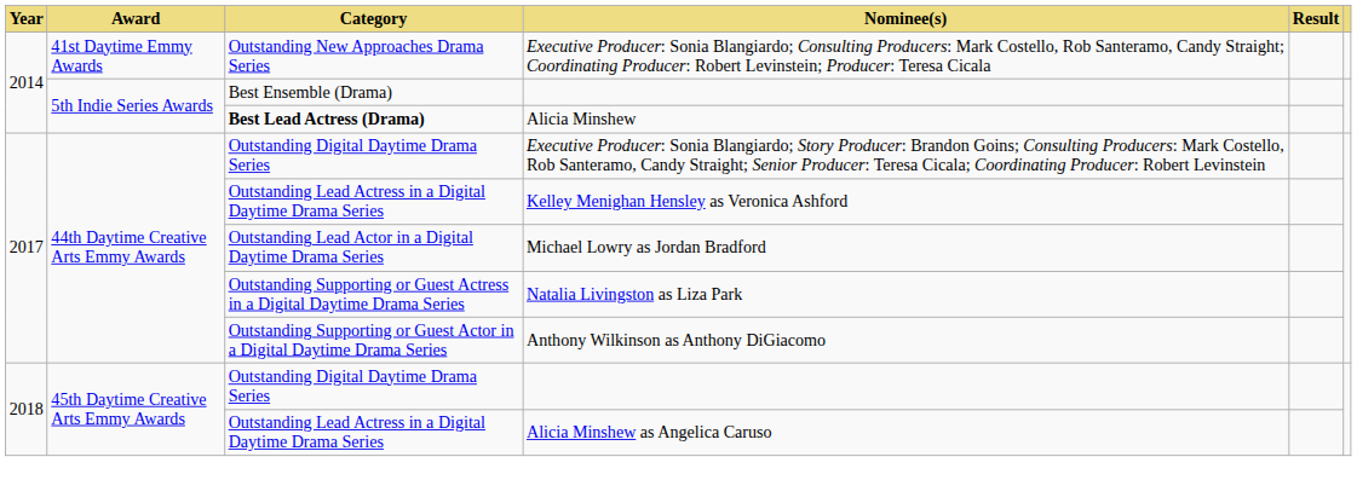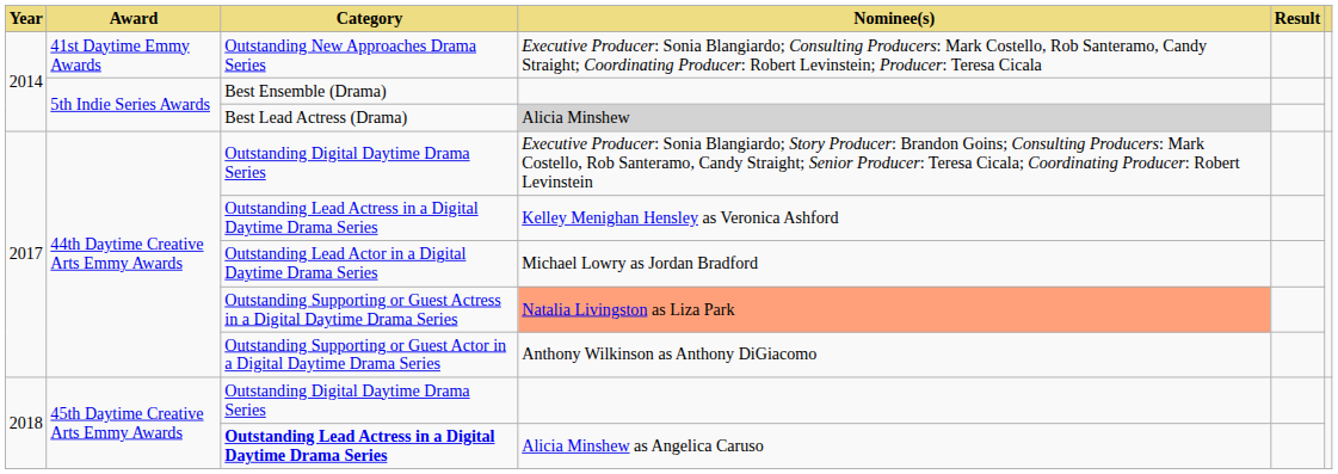 <table class=wikitable  style="width:100%">
 <tr>
 <th style="background:#eedd82;">Year</th>
 <th style="background:#eedd82;">Award</th>
 <th style="background:#eedd82;">Category</th>
 <th style="background:#eedd82;">Nominee(s)</th>
 <th style="background:#eedd82;">Result</th>
 <th style="background:#eedd82;"></th>
 </tr>
 <tr>
 <td rowspan="3" align="center">2014</td>
 <td><a href='#'>41st Daytime Emmy Awards</a></td>
 <td><a href='#'>Outstanding New Approaches Drama Series</a></td>
 <td><em>Executive Producer</em>: Sonia Blangiardo; <em>Consulting Producers</em>: Mark Costello, Rob Santeramo, Candy Straight; <em>Coordinating Producer</em>: Robert Levinstein; <em>Producer</em>: Teresa Cicala</td>
 <td></td>
 <td align="center"></td>
 </tr>
 <tr>
 <td rowspan="2"><a href='#'>5th Indie Series Awards</a></td>
 <td>Best Ensemble (Drama)</td>
 <td></td>
 <td></td>
 <td rowspan="2" align="center"></td>
 </tr>
 <tr>
-<td><strong>Best Lead Actress (Drama)</strong></td>
-<td>Alicia Minshew</td>
+<td>Best Lead Actress (Drama)</td>
+<td style="background: lightgrey;">Alicia Minshew</td>
 <td></td>
 </tr>
 <tr>
 <td rowspan="5" align="center">2017</td>
 <td rowspan="5" align="left"><a href='#'>44th Daytime Creative Arts Emmy Awards</a></td>
 <td><a href='#'>Outstanding Digital Daytime Drama Series</a></td>
 <td><em>Executive Producer</em>: Sonia Blangiardo; <em>Story Producer</em>: Brandon Goins; <em>Consulting Producers</em>: Mark Costello, Rob Santeramo, Candy Straight; <em>Senior Producer</em>: Teresa Cicala; <em>Coordinating Producer</em>: Robert Levinstein</td>
 <td></td>
 <td rowspan="5" align="center"></td>
 </tr>
 <tr>
 <td><a href='#'>Outstanding Lead Actress in a Digital Daytime Drama Series</a></td>
 <td><a href='#'>Kelley Menighan Hensley</a> as Veronica Ashford</td>
 <td></td>
 </tr>
 <tr>
 <td><a href='#'>Outstanding Lead Actor in a Digital Daytime Drama Series</a></td>
 <td>Michael Lowry as Jordan Bradford</td>
 <td></td>
 </tr>
 <tr>
 <td><a href='#'>Outstanding Supporting or Guest Actress in a Digital Daytime Drama Series</a></td>
-<td><a href='#'>Natalia Livingston</a> as Liza Park</td>
+<td style="background: lightsalmon;"><a href='#'>Natalia Livingston</a> as Liza Park</td>
 <td></td>
 </tr>
 <tr>
 <td><a href='#'>Outstanding Supporting or Guest Actor in a Digital Daytime Drama Series</a></td>
 <td>Anthony Wilkinson as Anthony DiGiacomo</td>
 <td></td>
 </tr>
 <tr>
 <td rowspan="2" align="center">2018</td>
 <td rowspan="2" align="left"><a href='#'>45th Daytime Creative Arts Emmy Awards</a></td>
 <td><a href='#'>Outstanding Digital Daytime Drama Series</a></td>
 <td></td>
 <td></td>
 <td rowspan="2" align="center"></td>
 </tr>
 <tr>
-<td><a href='#'>Outstanding Lead Actress in a Digital Daytime Drama Series</a></td>
+<td><strong><a href='#'>Outstanding Lead Actress in a Digital Daytime Drama Series</a></strong></td>
 <td><a href='#'>Alicia Minshew</a> as Angelica Caruso</td>
 <td></td>
 </tr>
 </table>
